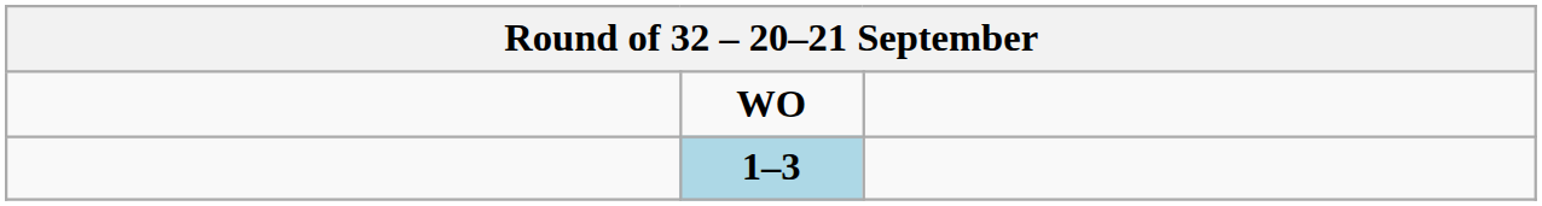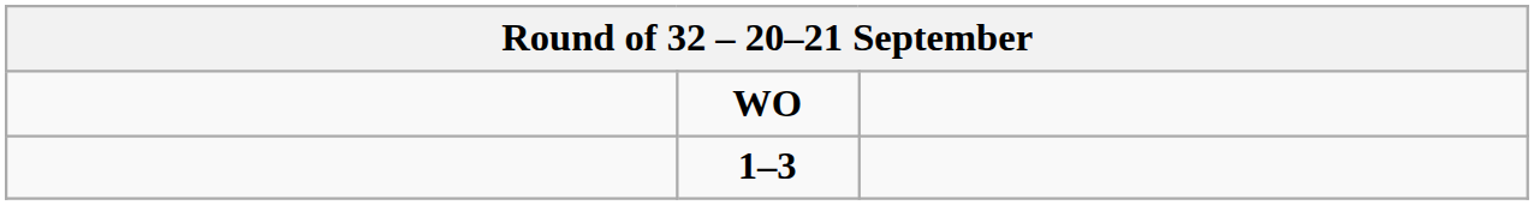 <table class="wikitable" style="text-align: center; font-size:90% ">
 <tr>
 <th colspan=3>Round of 32 – 20–21 September</th>
 </tr>
 <tr>
 <td align=left width="240"><strong></strong></td>
 <td align=center width="60"><strong>WO</strong></td>
 <td align=left width="240"></td>
 </tr>
 <tr>
 <td align=left></td>
-<td align=center style="background: lightblue;"><strong>1–3</strong></td>
+<td align=center><strong>1–3</strong></td>
 <td align=left><strong></strong></td>
 </tr>
 </table>
